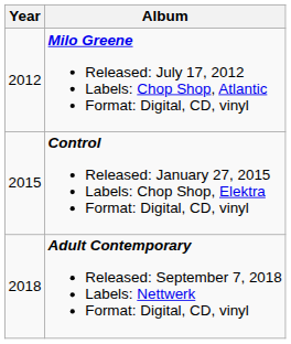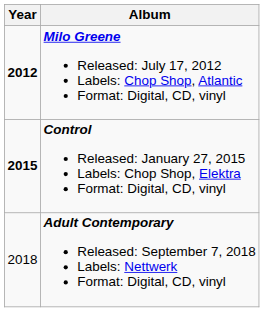 <table class=wikitable style=text-align:center;>
 <tr>
 <th>Year</th>
 <th>Album</th>
 </tr>
 <tr>
-<td>2012</td>
+<td><strong>2012</strong></td>
 <td align=left><strong><em><a href='#'>Milo Greene</a></em></strong><br><ul><li>Released: July 17, 2012</li><li>Labels: <a href='#'>Chop Shop</a>, <a href='#'>Atlantic</a></li><li>Format: Digital, CD, vinyl</li></ul></td>
 </tr>
 <tr>
-<td>2015</td>
+<td><strong>2015</strong></td>
 <td align=left><strong><em>Control</em></strong><br><ul><li>Released: January 27, 2015</li><li>Labels: Chop Shop, <a href='#'>Elektra</a></li><li>Format: Digital, CD, vinyl</li></ul></td>
 </tr>
 <tr>
 <td>2018</td>
 <td align=left><strong><em>Adult Contemporary</em></strong><br><ul><li>Released: September 7, 2018</li><li>Labels: <a href='#'>Nettwerk</a></li><li>Format: Digital, CD, vinyl</li></ul></td>
 </tr>
 </table>
